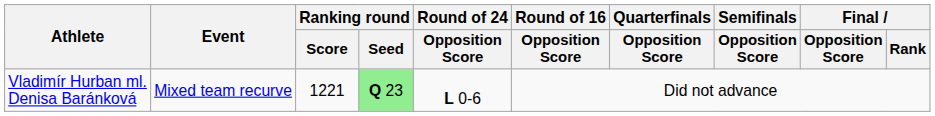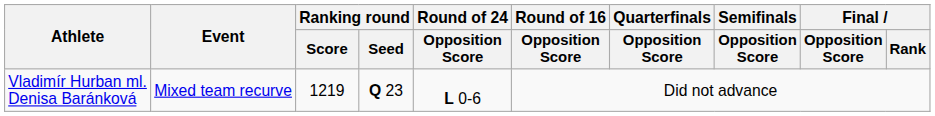 <table class="wikitable" style="font-size:90%">
 <tr>
 <th rowspan="2">Athlete</th>
 <th rowspan="2">Event</th>
 <th colspan="2">Ranking round</th>
 <th>Round of 24</th>
 <th>Round of 16</th>
 <th>Quarterfinals</th>
 <th>Semifinals</th>
 <th colspan="2">Final / </th>
 </tr>
 <tr style="font-size:95%">
 <th>Score</th>
 <th>Seed</th>
 <th>Opposition<br>Score</th>
 <th>Opposition<br>Score</th>
 <th>Opposition<br>Score</th>
 <th>Opposition<br>Score</th>
 <th>Opposition<br>Score</th>
 <th>Rank</th>
 </tr>
 <tr align=center>
 <td align=left><a href='#'>Vladimír Hurban ml.</a><br><a href='#'>Denisa Baránková</a></td>
 <td align=left rowspan=3><a href='#'>Mixed team recurve</a></td>
-<td>1221</td>
-<td style="background: lightgreen;"><strong>Q</strong> 23</td>
+<td>1219</td>
+<td><strong>Q</strong> 23</td>
 <td><br><strong>L</strong> 0-6</td>
 <td colspan=5>Did not advance</td>
 </tr>
 </table>
